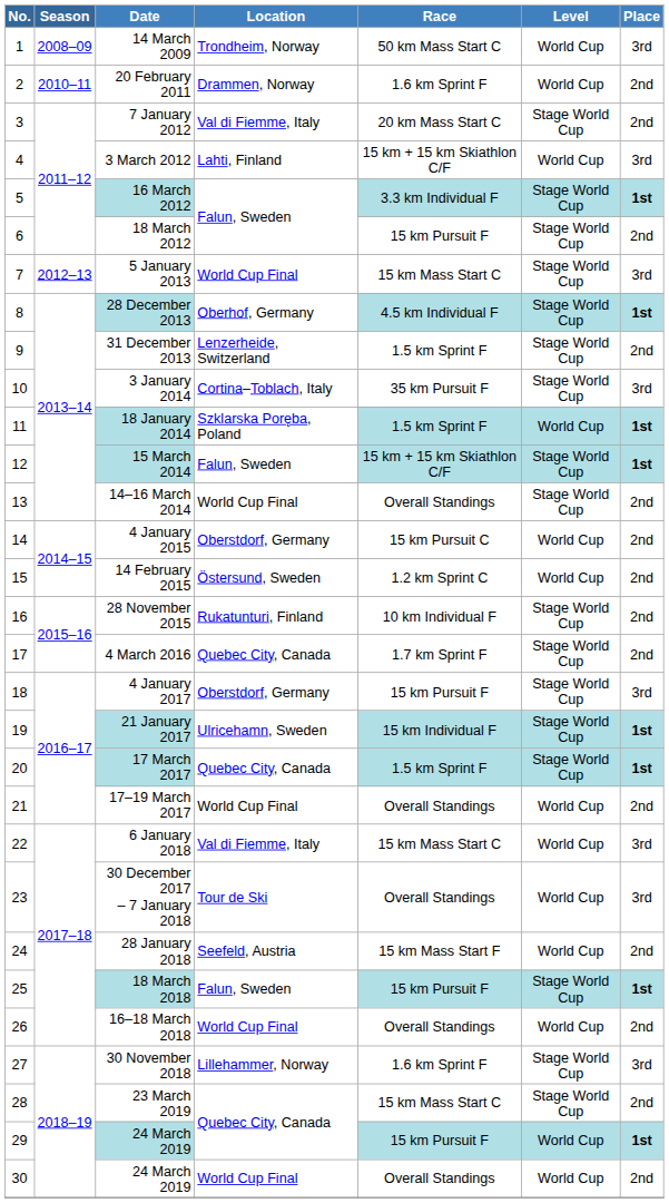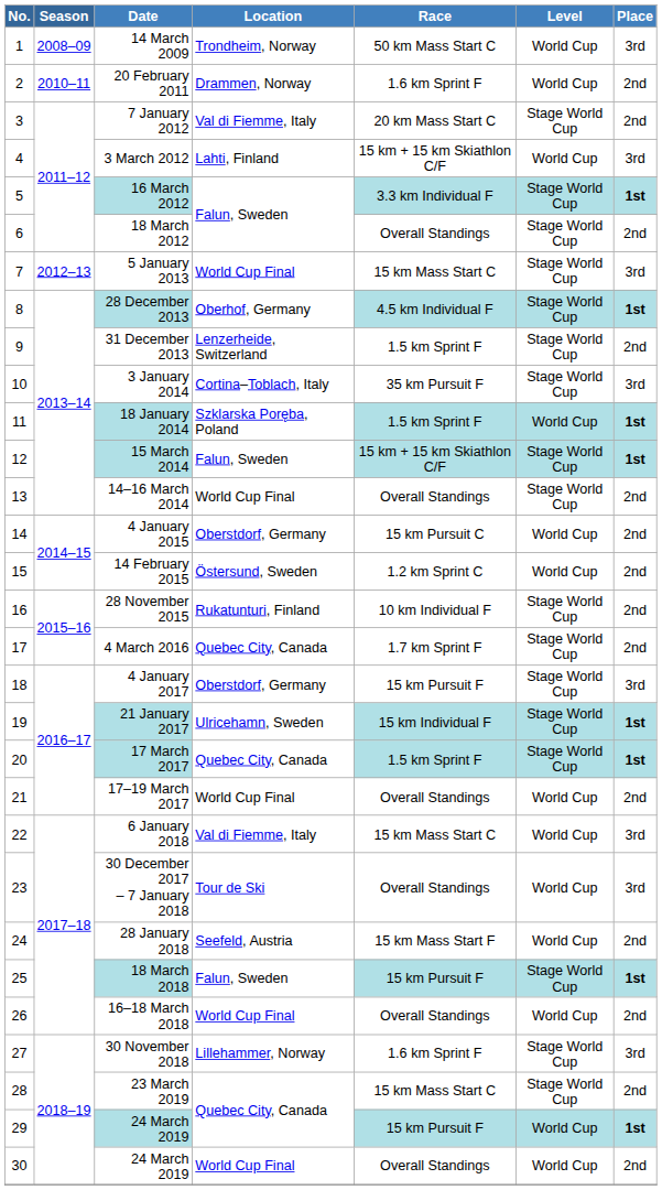 <table class="wikitable sortable" style="font-size:95%; text-align:center; border:grey solid 1px; border-collapse:collapse; background:#ffffff;">
 <tr style="background:#efefef;">
 <th style="background-color:#369; color:white;">No.</th>
 <th style="background-color:#369; color:white;">Season</th>
 <th style="background-color:#4180be; color:white; width:100px;">Date</th>
 <th style="background-color:#4180be; color:white; width:170px;">Location</th>
 <th style="background-color:#4180be; color:white; width:170px;">Race</th>
 <th style="background-color:#4180be; color:white; width:100px;">Level</th>
 <th style="background-color:#4180be; color:white;">Place</th>
 </tr>
 <tr>
 <td align=center>1</td>
 <td rowspan=1 align=center><a href='#'>2008–09</a></td>
 <td align=right>14 March 2009</td>
 <td align=left> <a href='#'>Trondheim</a>, Norway</td>
 <td>50 km Mass Start C</td>
 <td>World Cup</td>
 <td>3rd</td>
 </tr>
 <tr>
 <td align=center>2</td>
 <td rowspan=1 align=center><a href='#'>2010–11</a></td>
 <td align=right>20 February 2011</td>
 <td align=left> <a href='#'>Drammen</a>, Norway</td>
 <td>1.6 km Sprint F</td>
 <td>World Cup</td>
 <td>2nd</td>
 </tr>
 <tr>
 <td align=center>3</td>
 <td rowspan=4 align=center><a href='#'>2011–12</a></td>
 <td align=right>7 January 2012</td>
 <td align=left> <a href='#'>Val di Fiemme</a>, Italy</td>
 <td>20 km Mass Start C</td>
 <td>Stage World Cup</td>
 <td>2nd</td>
 </tr>
 <tr>
 <td align=center>4</td>
 <td align=right>3 March 2012</td>
 <td align=left> <a href='#'>Lahti</a>, Finland</td>
 <td>15 km + 15 km Skiathlon C/F</td>
 <td>World Cup</td>
 <td>3rd</td>
 </tr>
 <tr>
 <td align=center>5</td>
 <td bgcolor="#BOEOE6" align=right>16 March 2012</td>
 <td rowspan=2 align=left> <a href='#'>Falun</a>, Sweden</td>
 <td bgcolor="#BOEOE6">3.3 km Individual F</td>
 <td bgcolor="#BOEOE6">Stage World Cup</td>
 <td bgcolor="#BOEOE6"><strong>1st</strong></td>
 </tr>
 <tr>
 <td align=center>6</td>
 <td align=right>18  March 2012</td>
-<td>15 km Pursuit F</td>
+<td>Overall Standings</td>
 <td>Stage World Cup</td>
 <td>2nd</td>
 </tr>
 <tr>
 <td align=center>7</td>
 <td rowspan=1 align=center><a href='#'>2012–13</a></td>
 <td align=right>5 January 2013</td>
 <td align=left> <a href='#'>World Cup Final</a></td>
 <td>15 km Mass Start C</td>
 <td>Stage World Cup</td>
 <td>3rd</td>
 </tr>
 <tr>
 <td align=center>8</td>
 <td rowspan=6 align=center><a href='#'>2013–14</a></td>
 <td bgcolor="#BOEOE6" align=right>28 December 2013</td>
 <td align=left> <a href='#'>Oberhof</a>, Germany</td>
 <td bgcolor="#BOEOE6">4.5 km Individual F</td>
 <td bgcolor="#BOEOE6">Stage World Cup</td>
 <td bgcolor="#BOEOE6"><strong>1st</strong></td>
 </tr>
 <tr>
 <td align=center>9</td>
 <td align=right>31 December 2013</td>
 <td align=left> <a href='#'>Lenzerheide</a>, Switzerland</td>
 <td>1.5 km Sprint F</td>
 <td>Stage World Cup</td>
 <td>2nd</td>
 </tr>
 <tr>
 <td align=center>10</td>
 <td align=right>3 January 2014</td>
 <td align=left> <a href='#'>Cortina</a>–<a href='#'>Toblach</a>, Italy</td>
 <td>35 km Pursuit F</td>
 <td>Stage World Cup</td>
 <td>3rd</td>
 </tr>
 <tr>
 <td align=center>11</td>
 <td bgcolor="#BOEOE6" align=right>18 January 2014</td>
 <td align=left> <a href='#'>Szklarska Poręba</a>, Poland</td>
 <td bgcolor="#BOEOE6">1.5 km Sprint F</td>
 <td bgcolor="#BOEOE6">World Cup</td>
 <td bgcolor="#BOEOE6"><strong>1st</strong></td>
 </tr>
 <tr>
 <td align=center>12</td>
 <td bgcolor="#BOEOE6" align=right>15 March 2014</td>
 <td align=left> <a href='#'>Falun</a>, Sweden</td>
 <td bgcolor="#BOEOE6">15 km + 15 km Skiathlon C/F</td>
 <td bgcolor="#BOEOE6">Stage World Cup</td>
 <td bgcolor="#BOEOE6"><strong>1st</strong></td>
 </tr>
 <tr>
 <td align=center>13</td>
 <td align=right>14–16 March 2014</td>
 <td align=left> World Cup Final</td>
 <td>Overall Standings</td>
 <td>Stage World Cup</td>
 <td>2nd</td>
 </tr>
 <tr>
 <td align=center>14</td>
 <td rowspan=2 align=center><a href='#'>2014–15</a></td>
 <td align=right>4 January 2015</td>
 <td align=left> <a href='#'>Oberstdorf</a>, Germany</td>
 <td>15 km Pursuit C</td>
 <td>World Cup</td>
 <td>2nd</td>
 </tr>
 <tr>
 <td align=center>15</td>
 <td align=right>14 February 2015</td>
 <td align=left> <a href='#'>Östersund</a>, Sweden</td>
 <td>1.2 km Sprint C</td>
 <td>World Cup</td>
 <td>2nd</td>
 </tr>
 <tr>
 <td align=center>16</td>
 <td rowspan=2 align=center><a href='#'>2015–16</a></td>
 <td align=right>28 November 2015</td>
 <td align=left> <a href='#'>Rukatunturi</a>, Finland</td>
 <td>10 km Individual F</td>
 <td>Stage World Cup</td>
 <td>2nd</td>
 </tr>
 <tr>
 <td align=center>17</td>
 <td align=right>4 March 2016</td>
 <td align=left> <a href='#'>Quebec City</a>, Canada</td>
 <td>1.7 km Sprint F</td>
 <td>Stage World Cup</td>
 <td>2nd</td>
 </tr>
 <tr>
 <td align=center>18</td>
 <td rowspan=4 align=center><a href='#'>2016–17</a></td>
 <td align=right>4 January 2017</td>
 <td align=left> <a href='#'>Oberstdorf</a>, Germany</td>
 <td>15 km Pursuit F</td>
 <td>Stage World Cup</td>
 <td>3rd</td>
 </tr>
 <tr>
 <td align=center>19</td>
 <td bgcolor="#BOEOE6" align=right>21 January 2017</td>
 <td align=left> <a href='#'>Ulricehamn</a>, Sweden</td>
 <td bgcolor="#BOEOE6">15 km Individual F</td>
 <td bgcolor="#BOEOE6">Stage World Cup</td>
 <td bgcolor="#BOEOE6"><strong>1st</strong></td>
 </tr>
 <tr>
 <td align=center>20</td>
 <td bgcolor="#BOEOE6" align=right>17 March 2017</td>
 <td align=left> <a href='#'>Quebec City</a>, Canada</td>
 <td bgcolor="#BOEOE6">1.5 km Sprint F</td>
 <td bgcolor="#BOEOE6">Stage World Cup</td>
 <td bgcolor="#BOEOE6"><strong>1st</strong></td>
 </tr>
 <tr>
 <td align=center>21</td>
 <td align=right>17–19 March 2017</td>
 <td align=left> World Cup Final</td>
 <td>Overall Standings</td>
 <td>World Cup</td>
 <td>2nd</td>
 </tr>
 <tr>
 <td align=center>22</td>
 <td rowspan=5 align=center><a href='#'>2017–18</a></td>
 <td align=right>6 January 2018</td>
 <td align=left> <a href='#'>Val di Fiemme</a>, Italy</td>
 <td>15 km Mass Start C</td>
 <td>World Cup</td>
 <td>3rd</td>
 </tr>
 <tr>
 <td align=center>23</td>
 <td align=right>30 December 2017<br> – 7 January 2018</td>
 <td align=left> <a href='#'>Tour de Ski</a></td>
 <td>Overall Standings</td>
 <td>World Cup</td>
 <td>3rd</td>
 </tr>
 <tr>
 <td align=center>24</td>
 <td align=right>28 January 2018</td>
 <td align=left> <a href='#'>Seefeld</a>, Austria</td>
 <td>15 km Mass Start F</td>
 <td>World Cup</td>
 <td>2nd</td>
 </tr>
 <tr>
 <td align=center>25</td>
 <td bgcolor="#BOEOE6" align=right>18 March 2018</td>
 <td align=left> <a href='#'>Falun</a>, Sweden</td>
 <td bgcolor="#BOEOE6">15 km Pursuit F</td>
 <td bgcolor="#BOEOE6">Stage World Cup</td>
 <td bgcolor="#BOEOE6"><strong>1st</strong></td>
 </tr>
 <tr>
 <td align=center>26</td>
 <td align=right>16–18 March 2018</td>
 <td align=left> <a href='#'>World Cup Final</a></td>
 <td>Overall Standings</td>
 <td>World Cup</td>
 <td>2nd</td>
 </tr>
 <tr>
 <td align=center>27</td>
 <td rowspan=4 align=center><a href='#'>2018–19</a></td>
 <td align=right>30 November 2018</td>
 <td align=left> <a href='#'>Lillehammer</a>, Norway</td>
 <td>1.6 km Sprint F</td>
 <td>Stage World Cup</td>
 <td>3rd</td>
 </tr>
 <tr>
 <td align=center>28</td>
 <td align=right>23 March 2019</td>
 <td rowspan=2 align=left> <a href='#'>Quebec City</a>, Canada</td>
 <td>15 km Mass Start C</td>
 <td>Stage World Cup</td>
 <td>2nd</td>
 </tr>
 <tr>
 <td align=center>29</td>
 <td bgcolor="#BOEOE6" align=right>24 March 2019</td>
 <td bgcolor="#BOEOE6">15 km Pursuit F</td>
 <td bgcolor="#BOEOE6">World Cup</td>
 <td bgcolor="#BOEOE6"><strong>1st</strong></td>
 </tr>
 <tr>
 <td align=center>30</td>
 <td align=right>24 March 2019</td>
 <td align=left> <a href='#'>World Cup Final</a></td>
 <td>Overall Standings</td>
 <td>World Cup</td>
 <td>2nd</td>
 </tr>
 <tr>
 </tr>
 </table>
